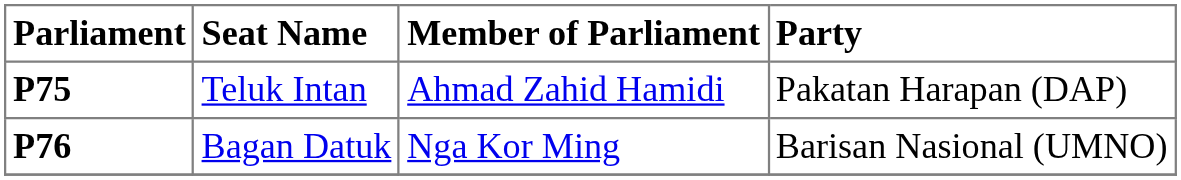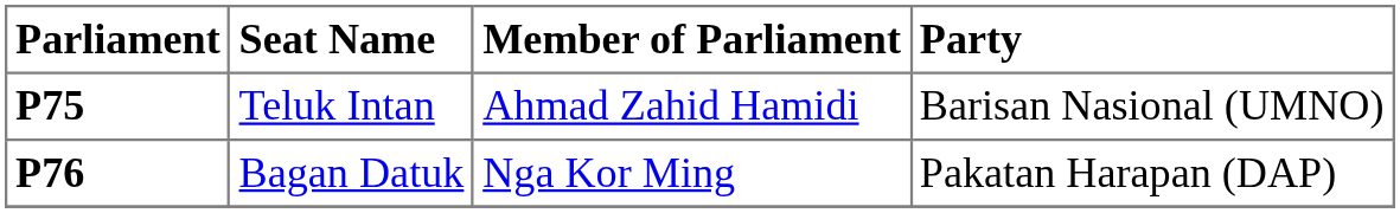 <table class="toccolours sortable" border="1" cellpadding="3" style="border-collapse:collapse; text-align: left;">
 <tr>
 <th align="center">Parliament</th>
 <th>Seat Name</th>
 <th>Member of Parliament</th>
 <th>Party</th>
 </tr>
 <tr>
 <th align="left">P75</th>
 <td><a href='#'>Teluk Intan</a></td>
 <td><a href='#'>Ahmad Zahid Hamidi</a></td>
-<td>Pakatan Harapan (DAP)</td>
+<td>Barisan Nasional (UMNO)</td>
 </tr>
 <tr>
 <th align="left">P76</th>
 <td><a href='#'>Bagan Datuk</a></td>
 <td><a href='#'>Nga Kor Ming</a></td>
-<td>Barisan Nasional (UMNO)</td>
+<td>Pakatan Harapan (DAP)</td>
 </tr>
 <tr>
 </tr>
 </table>
